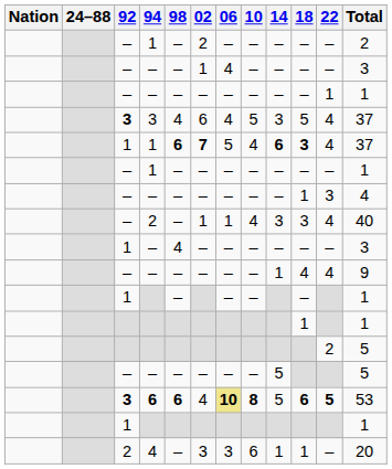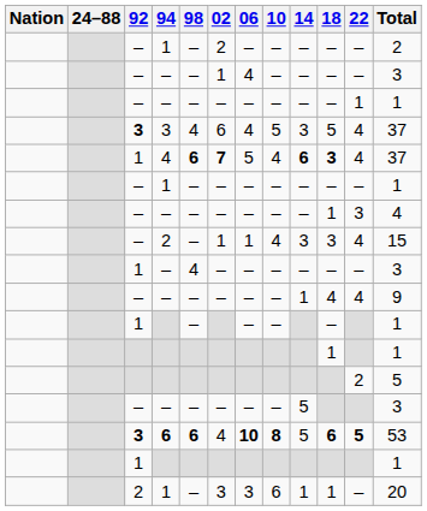 <table class="wikitable sortable" style="text-align:center">
 <tr>
 <th>Nation</th>
 <th><span>24–88</span></th>
 <th><a href='#'>92</a></th>
 <th><a href='#'>94</a></th>
 <th><a href='#'>98</a></th>
 <th><a href='#'>02</a></th>
 <th><a href='#'>06</a></th>
 <th><a href='#'>10</a></th>
 <th><a href='#'>14</a></th>
 <th><a href='#'>18</a></th>
 <th><a href='#'>22</a></th>
 <th>Total</th>
 </tr>
 <tr>
 <td align=left></td>
 <td style="background:#ddd"> </td>
 <td>–</td>
 <td>1</td>
 <td>–</td>
 <td>2</td>
 <td>–</td>
 <td>–</td>
 <td>–</td>
 <td>–</td>
 <td>–</td>
 <td>2</td>
 </tr>
 <tr>
 <td align=left></td>
 <td style="background:#ddd"> </td>
 <td>–</td>
 <td>–</td>
 <td>–</td>
 <td>1</td>
 <td>4</td>
 <td>–</td>
 <td>–</td>
 <td>–</td>
 <td>–</td>
 <td>3</td>
 </tr>
 <tr>
 <td align=left></td>
 <td style="background:#ddd"> </td>
 <td>–</td>
 <td>–</td>
 <td>–</td>
 <td>–</td>
 <td>–</td>
 <td>–</td>
 <td>–</td>
 <td>–</td>
 <td>1</td>
 <td>1</td>
 </tr>
 <tr>
 <td align=left></td>
 <td style="background:#ddd"> </td>
 <td><strong>3</strong></td>
 <td>3</td>
 <td>4</td>
 <td>6</td>
 <td>4</td>
 <td>5</td>
 <td>3</td>
 <td>5</td>
 <td>4</td>
 <td>37</td>
 </tr>
 <tr>
 <td align=left></td>
 <td style="background:#ddd"> </td>
 <td>1</td>
-<td>1</td>
+<td>4</td>
 <td><strong>6</strong></td>
 <td><strong>7</strong></td>
 <td>5</td>
 <td>4</td>
 <td><strong>6</strong></td>
 <td><strong>3</strong></td>
 <td>4</td>
 <td>37</td>
 </tr>
 <tr>
 <td align=left></td>
 <td style="background:#ddd"> </td>
 <td>–</td>
 <td>1</td>
 <td>–</td>
 <td>–</td>
 <td>–</td>
 <td>–</td>
 <td>–</td>
 <td>–</td>
 <td>–</td>
 <td>1</td>
 </tr>
 <tr>
 <td align=left></td>
 <td style="background:#ddd"> </td>
 <td>–</td>
 <td>–</td>
 <td>–</td>
 <td>–</td>
 <td>–</td>
 <td>–</td>
 <td>–</td>
 <td>1</td>
 <td>3</td>
 <td>4</td>
 </tr>
 <tr>
 <td align=left></td>
 <td style="background:#ddd"> </td>
 <td>–</td>
 <td>2</td>
 <td>–</td>
 <td>1</td>
 <td>1</td>
 <td>4</td>
 <td>3</td>
 <td>3</td>
 <td>4</td>
-<td>40</td>
+<td>15</td>
 </tr>
 <tr>
 <td align=left></td>
 <td style="background:#ddd"> </td>
 <td>1</td>
 <td>–</td>
 <td>4</td>
 <td>–</td>
 <td>–</td>
 <td>–</td>
 <td>–</td>
 <td>–</td>
 <td>–</td>
 <td>3</td>
 </tr>
 <tr>
 <td align=left></td>
 <td style="background:#ddd"> </td>
 <td>–</td>
 <td>–</td>
 <td>–</td>
 <td>–</td>
 <td>–</td>
 <td>–</td>
 <td>1</td>
 <td>4</td>
 <td>4</td>
 <td>9</td>
 </tr>
 <tr>
 <td align=left></td>
 <td style="background:#ddd"> </td>
 <td>1</td>
 <td style="background:#ddd"> </td>
 <td>–</td>
 <td style="background:#ddd"> </td>
 <td>–</td>
 <td>–</td>
 <td style="background:#ddd"> </td>
 <td>–</td>
 <td style="background:#ddd"> </td>
 <td>1</td>
 </tr>
 <tr>
 <td align=left></td>
 <td style="background:#ddd"> </td>
 <td style="background:#ddd"> </td>
 <td style="background:#ddd"> </td>
 <td style="background:#ddd"> </td>
 <td style="background:#ddd"> </td>
 <td style="background:#ddd"> </td>
 <td style="background:#ddd"> </td>
 <td style="background:#ddd"> </td>
 <td>1</td>
 <td style="background:#ddd"> </td>
 <td>1</td>
 </tr>
 <tr>
 <td align=left> </td>
 <td style="background:#ddd"> </td>
 <td style="background:#ddd"> </td>
 <td style="background:#ddd"> </td>
 <td style="background:#ddd"> </td>
 <td style="background:#ddd"> </td>
 <td style="background:#ddd"> </td>
 <td style="background:#ddd"> </td>
 <td style="background:#ddd"> </td>
 <td style="background:#ddd"> </td>
 <td>2</td>
 <td>5</td>
 </tr>
 <tr>
 <td align=left></td>
 <td style="background:#ddd"> </td>
 <td>–</td>
 <td>–</td>
 <td>–</td>
 <td>–</td>
 <td>–</td>
 <td>–</td>
 <td>5</td>
 <td style="background:#ddd"> </td>
 <td style="background:#ddd"> </td>
-<td>5</td>
+<td>3</td>
 </tr>
 <tr>
 <td align=left></td>
 <td style="background:#ddd"> </td>
 <td><strong>3</strong></td>
 <td><strong>6</strong></td>
 <td><strong>6</strong></td>
 <td>4</td>
-<td style="background: khaki;"><strong>10</strong></td>
+<td><strong>10</strong></td>
 <td><strong>8</strong></td>
 <td>5</td>
 <td><strong>6</strong></td>
 <td><strong>5</strong></td>
 <td>53</td>
 </tr>
 <tr>
 <td align=left></td>
 <td style="background:#ddd"> </td>
 <td>1</td>
 <td style="background:#ddd"> </td>
 <td style="background:#ddd"> </td>
 <td style="background:#ddd"> </td>
 <td style="background:#ddd"> </td>
 <td style="background:#ddd"> </td>
 <td style="background:#ddd"> </td>
 <td style="background:#ddd"> </td>
 <td style="background:#ddd"> </td>
 <td>1</td>
 </tr>
 <tr>
 <td align=left></td>
 <td style="background:#ddd"> </td>
 <td>2</td>
-<td>4</td>
+<td>1</td>
 <td>–</td>
 <td>3</td>
 <td>3</td>
 <td>6</td>
 <td>1</td>
 <td>1</td>
 <td>–</td>
 <td>20</td>
 </tr>
 </table>
